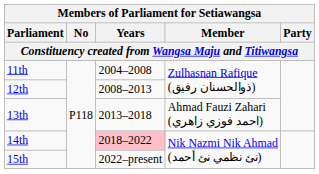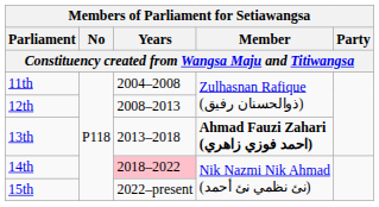 <table class=wikitable>
 <tr>
 <th colspan="5">Members of Parliament for Setiawangsa</th>
 </tr>
 <tr>
 <th>Parliament</th>
 <th>No</th>
 <th>Years</th>
 <th>Member</th>
 <th>Party</th>
 </tr>
 <tr>
 <th colspan="5" align="center"><em>Constituency created from <a href='#'>Wangsa Maju</a> and <a href='#'>Titiwangsa</a></em></th>
 </tr>
 <tr>
 <td><a href='#'>11th</a></td>
 <td rowspan="5">P118</td>
 <td>2004–2008</td>
 <td rowspan=2><a href='#'>Zulhasnan Rafique</a> <br>(ذوالحسنان رفيق)</td>
 <td rowspan=3></td>
 </tr>
 <tr>
 <td><a href='#'>12th</a></td>
 <td>2008–2013</td>
 </tr>
 <tr>
 <td><a href='#'>13th</a></td>
 <td>2013–2018</td>
-<td>Ahmad Fauzi Zahari <br> (احمد فوزي زاهري)</td>
+<td><strong>Ahmad Fauzi Zahari <br> (احمد فوزي زاهري)</strong></td>
 </tr>
 <tr>
 <td><a href='#'>14th</a></td>
 <td style="background: pink;">2018–2022</td>
 <td rowspan="2"><a href='#'>Nik Nazmi Nik Ahmad</a> <br>  (نئ نظمي نئ أحمد)</td>
 <td rowspan="2"></td>
 </tr>
 <tr>
 <td><a href='#'>15th</a></td>
 <td>2022–present</td>
 </tr>
 </table>
